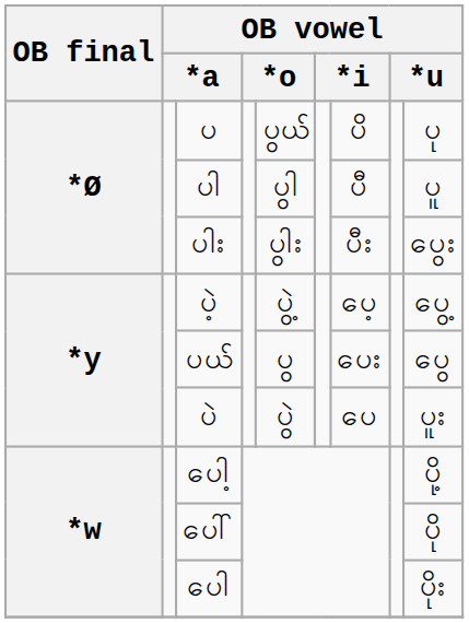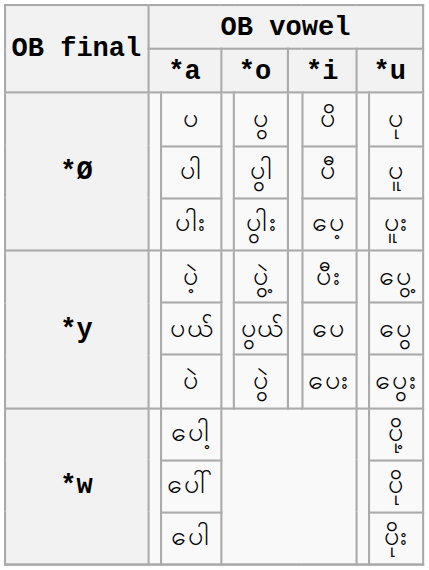 <table class="wikitable" style="text-align: center">
 <tr>
 <th rowspan="2">OB final</th>
 <th colspan="8">OB vowel</th>
 </tr>
 <tr>
 <th colspan="2">*a</th>
 <th colspan="2">*o</th>
 <th colspan="2">*i</th>
 <th colspan="2">*u</th>
 </tr>
 <tr>
 <th rowspan="3">*Ø</th>
 <td rowspan="3"></td>
 <td>ပ</td>
 <td rowspan="3"></td>
-<td>ပွယ်</td>
+<td>ပွ</td>
 <td rowspan="3"></td>
 <td>ပိ</td>
 <td rowspan="3"></td>
 <td>ပု</td>
 </tr>
 <tr>
 <td>ပါ</td>
 <td>ပွါ</td>
 <td>ပီ</td>
 <td>ပူ</td>
 </tr>
 <tr>
 <td>ပါး</td>
 <td>ပွါး</td>
-<td>ပီး</td>
-<td>ပွေး</td>
+<td>ပေ့</td>
+<td>ပူး</td>
 </tr>
 <tr>
 <th rowspan="3">*y</th>
 <td rowspan="3"></td>
 <td>ပဲ့</td>
 <td rowspan="3"></td>
 <td>ပွဲ့</td>
 <td rowspan="3"></td>
-<td>ပေ့</td>
+<td>ပီး</td>
 <td rowspan="3"></td>
 <td>ပွေ့</td>
 </tr>
 <tr>
 <td>ပယ်</td>
-<td>ပွ</td>
-<td>ပေး</td>
+<td>ပွယ်</td>
+<td>ပေ</td>
 <td>ပွေ</td>
 </tr>
 <tr>
 <td>ပဲ</td>
 <td>ပွဲ</td>
-<td>ပေ</td>
-<td>ပူး</td>
+<td>ပေး</td>
+<td>ပွေး</td>
 </tr>
 <tr>
 <th rowspan="3">*w</th>
 <td rowspan="3"></td>
 <td>ပေါ့</td>
 <td rowspan="3" colspan="4"></td>
 <td rowspan="3"></td>
 <td>ပို့</td>
 </tr>
 <tr>
 <td>ပေါ်</td>
 <td>ပို</td>
 </tr>
 <tr>
 <td>ပေါ</td>
 <td>ပိုး</td>
 </tr>
 <tr>
 </tr>
 </table>
